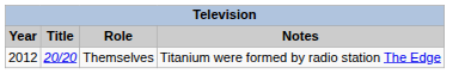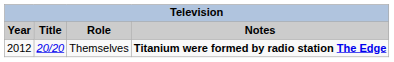 <table class="wikitable">
 <tr style="text-align:center;">
 <th colspan=4 style="background:#B0C4DE;">Television</th>
 </tr>
 <tr style="text-align:center;">
 <th style="background:#ccc;">Year</th>
 <th style="background:#ccc;">Title</th>
 <th style="background:#ccc;">Role</th>
 <th style="background:#ccc;">Notes</th>
 </tr>
 <tr>
 <td rowspan="2">2012</td>
 <td><em><a href='#'>20/20</a></em></td>
 <td>Themselves</td>
-<td>Titanium were formed by radio station <a href='#'>The Edge</a></td>
+<td><strong>Titanium were formed by radio station <a href='#'>The Edge</a></strong></td>
 </tr>
 </table>
